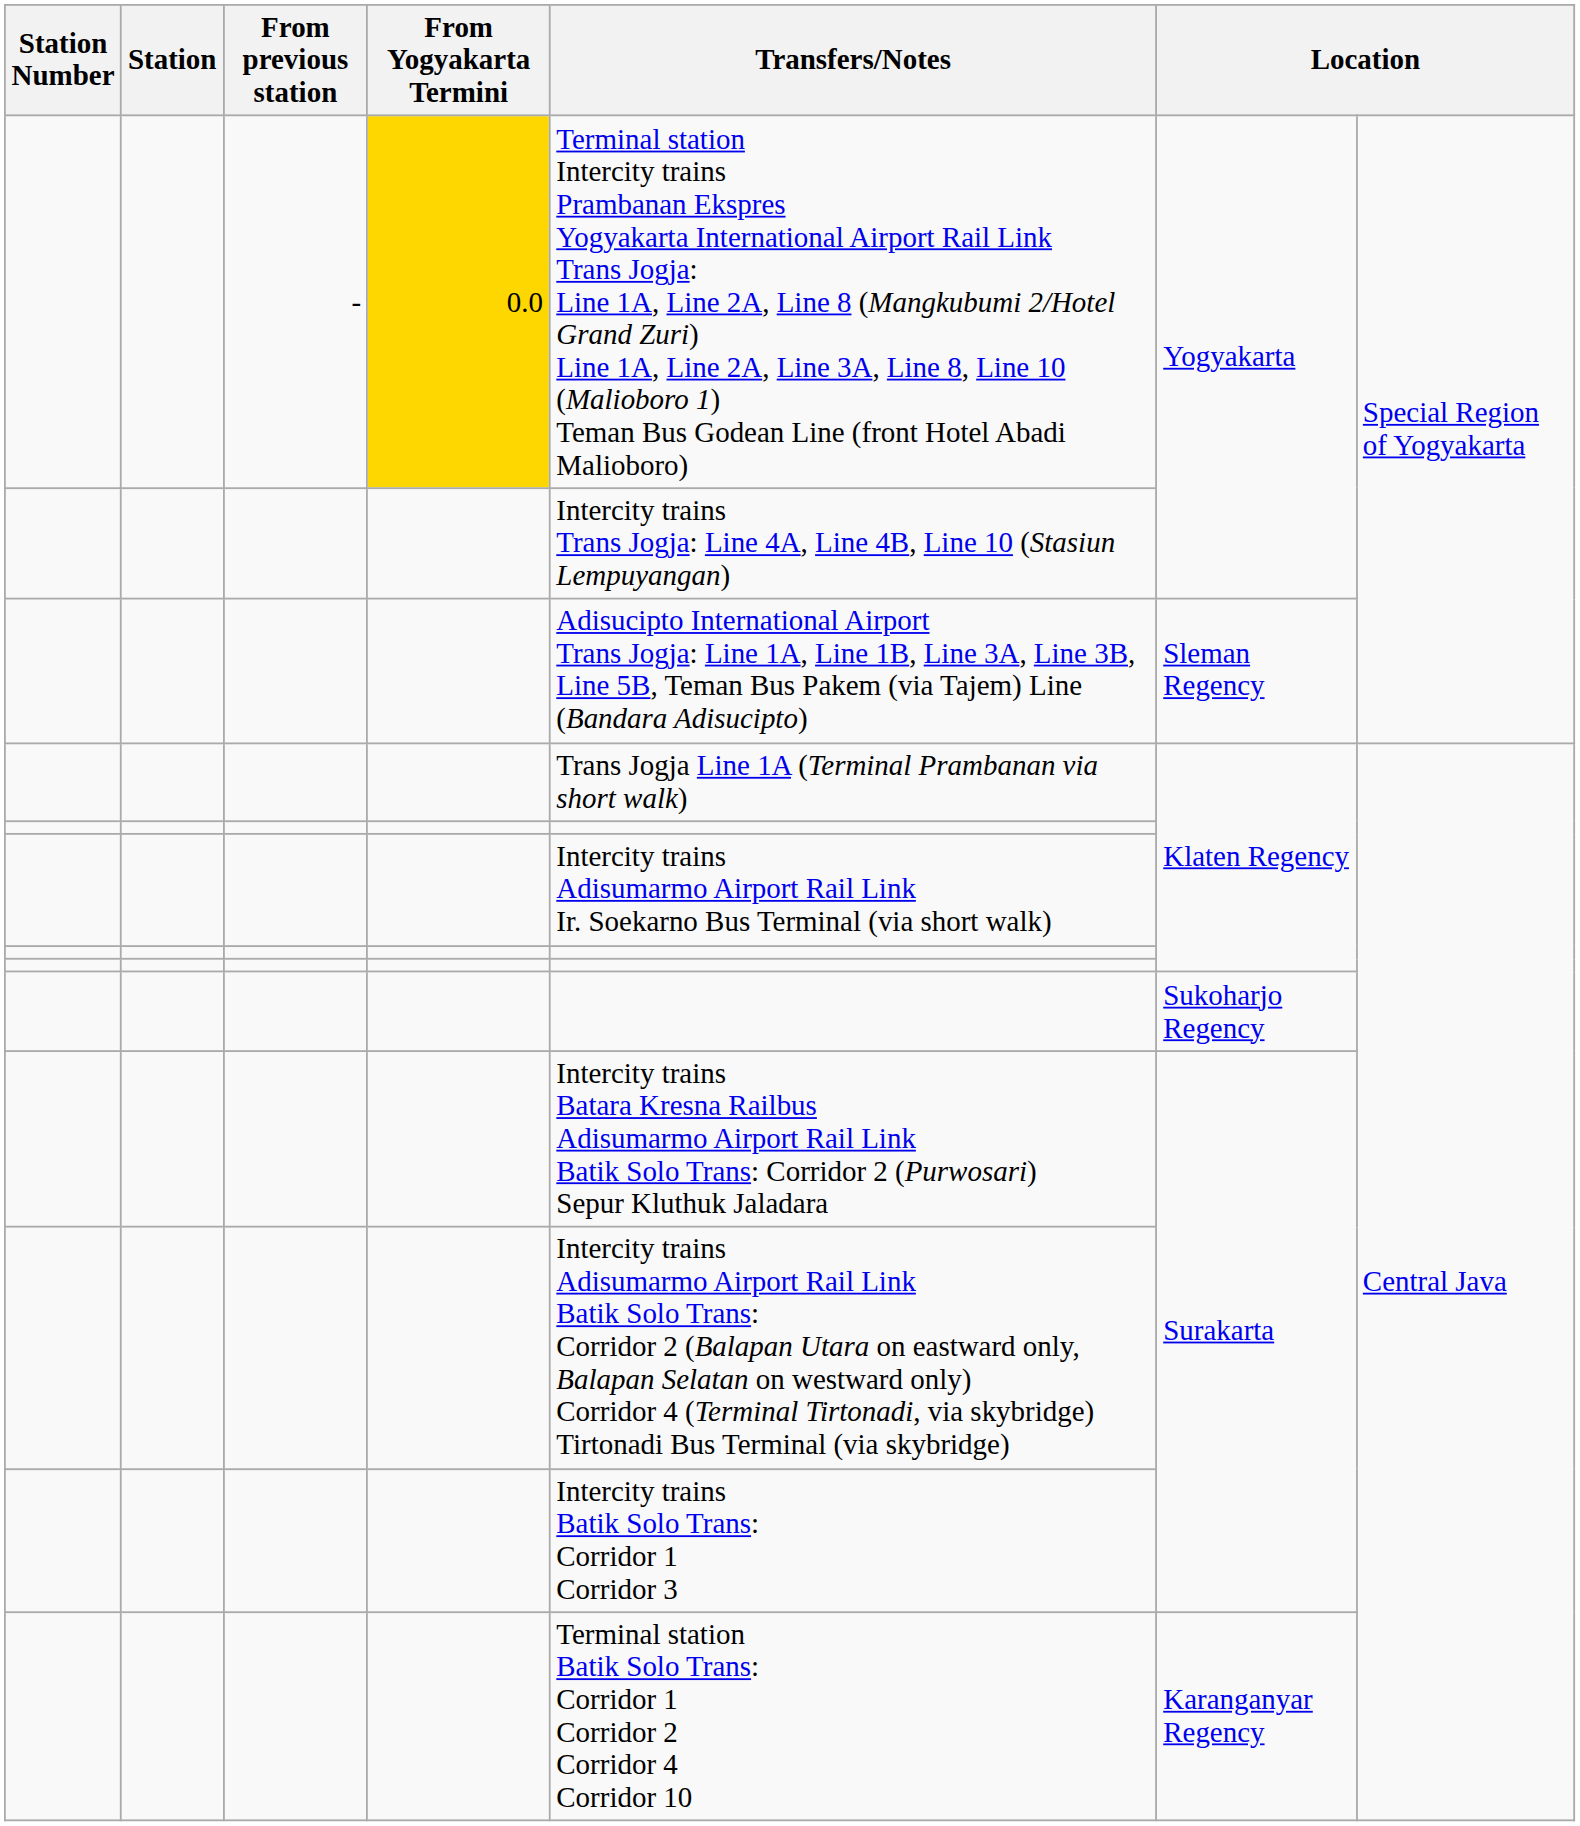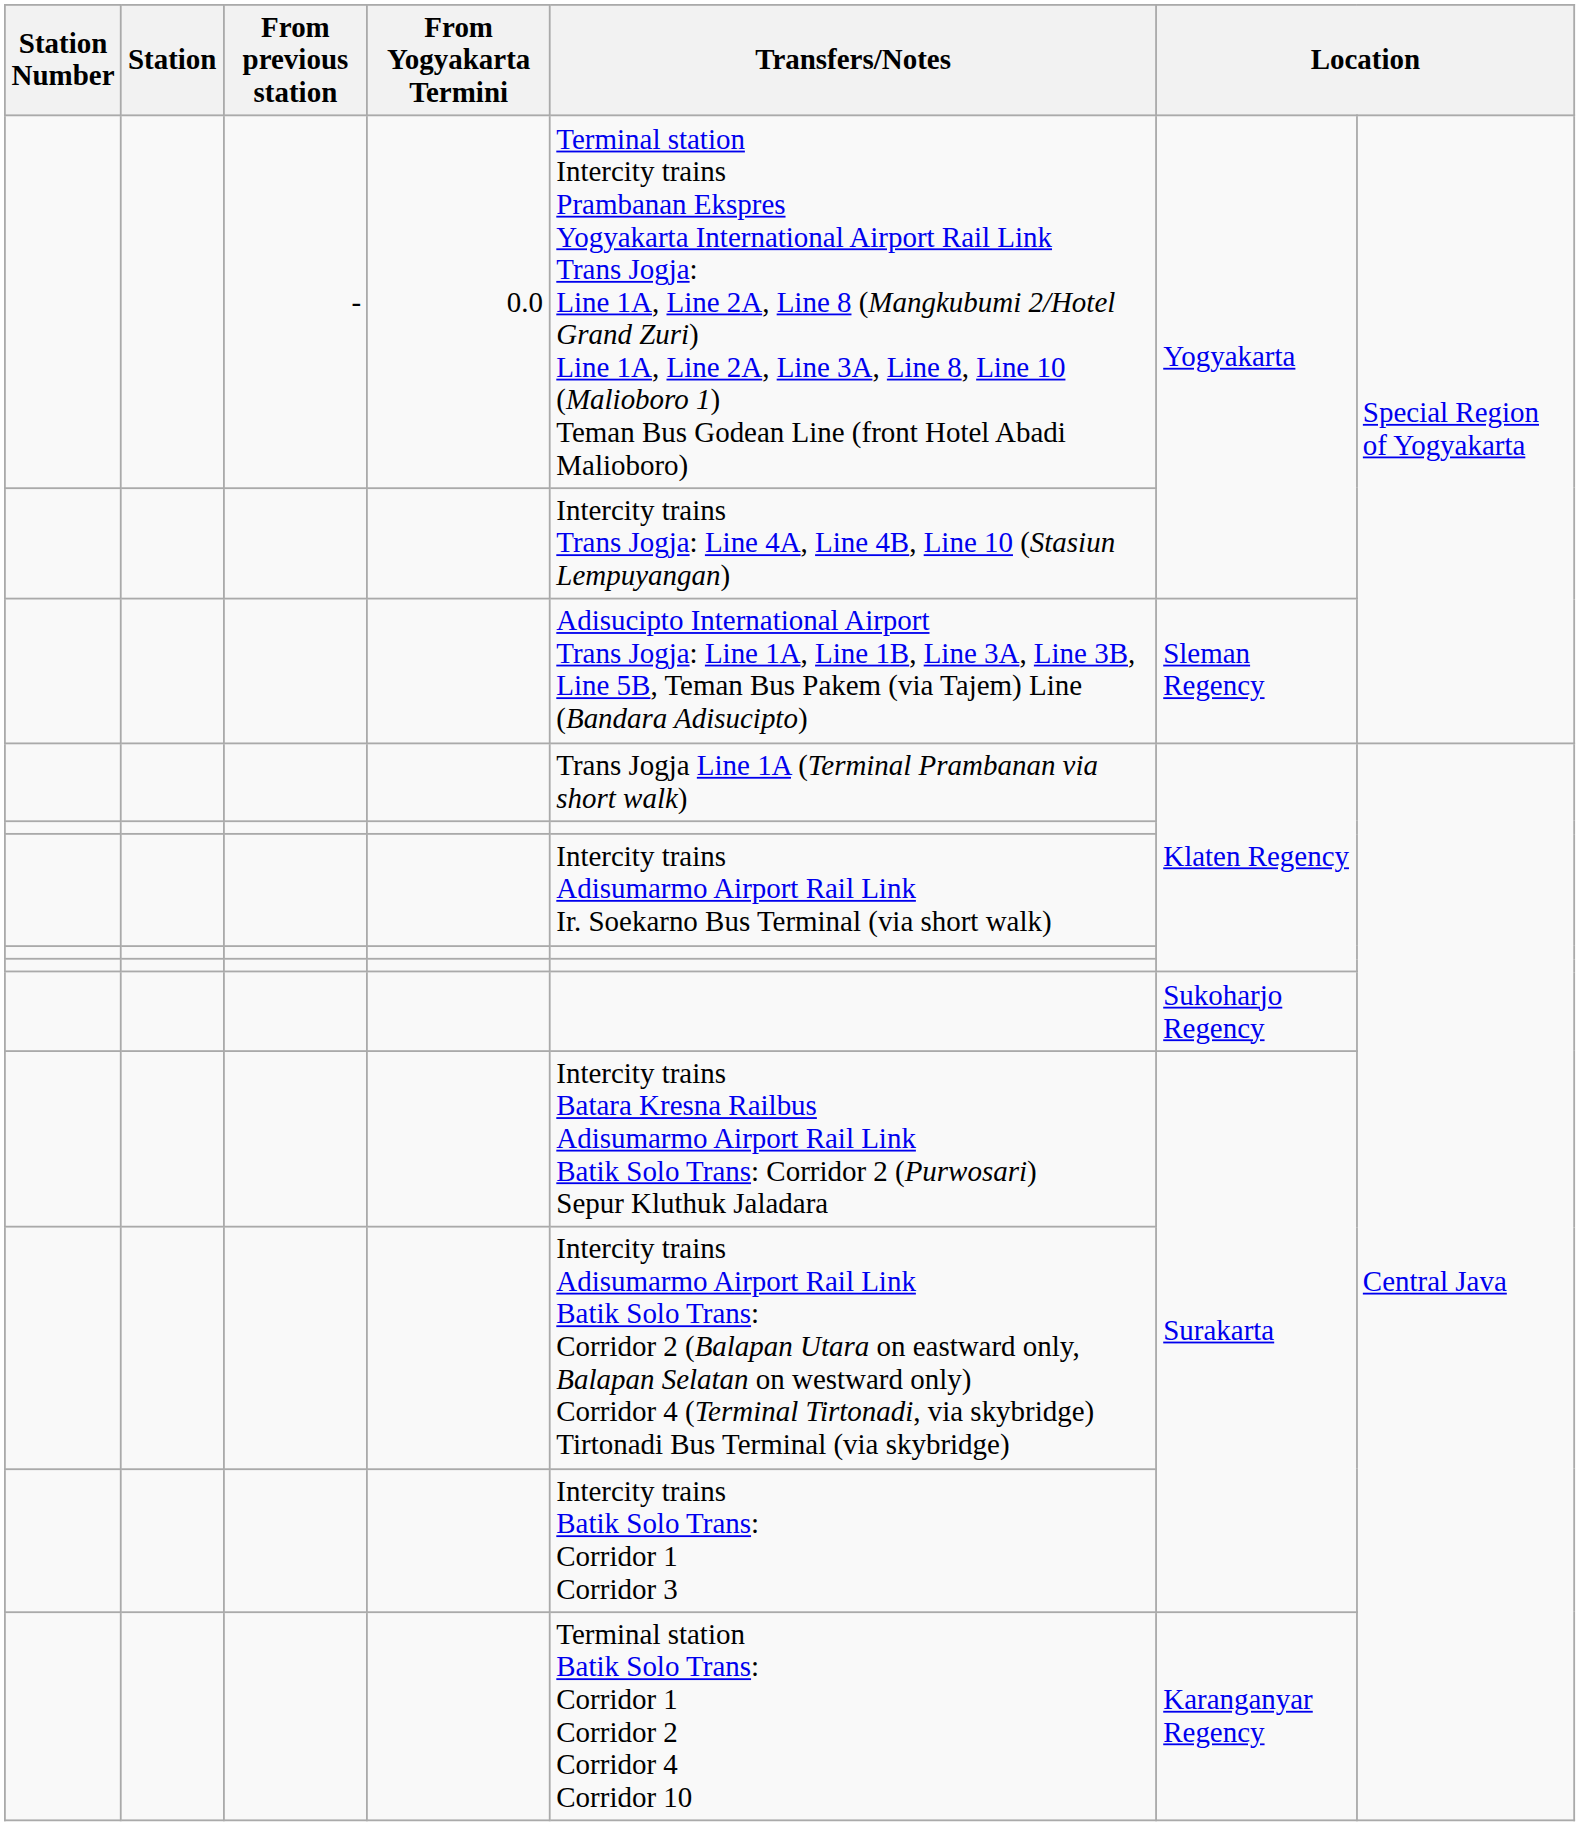 <table rules="all" class="wikitable">
 <tr>
 <th>Station<br>Number</th>
 <th> Station</th>
 <th>From previous<br>station</th>
 <th>From Yogyakarta<br>Termini</th>
 <th>Transfers/Notes</th>
 <th colspan="2">Location</th>
 </tr>
 <tr>
 <td><br><br><br></td>
 <td></td>
 <td style="text-align: right;">-</td>
-<td style="background: gold; text-align: right;">0.0</td>
+<td style="text-align: right;">0.0</td>
 <td><a href='#'>Terminal station</a><br> Intercity trains<br> <a href='#'>Prambanan Ekspres</a><br> <a href='#'>Yogyakarta International Airport Rail Link</a><br> <a href='#'>Trans Jogja</a>:<br> <a href='#'>Line 1A</a>, <a href='#'>Line 2A</a>, <a href='#'>Line 8</a> (<em>Mangkubumi 2/Hotel Grand Zuri</em>)<br> <a href='#'>Line 1A</a>, <a href='#'>Line 2A</a>, <a href='#'>Line 3A</a>, <a href='#'>Line 8</a>, <a href='#'>Line 10</a> (<em>Malioboro 1</em>)<br>Teman Bus Godean Line (front Hotel Abadi Malioboro)</td>
 <td rowspan="2"><a href='#'>Yogyakarta</a></td>
 <td rowspan="3"><a href='#'>Special Region of Yogyakarta</a></td>
 </tr>
 <tr>
 <td><br></td>
 <td></td>
 <td style="text-align: right;"></td>
 <td style="text-align: right;"></td>
 <td> Intercity trains<br> <a href='#'>Trans Jogja</a>: <a href='#'>Line 4A</a>, <a href='#'>Line 4B</a>, <a href='#'>Line 10</a> (<em>Stasiun Lempuyangan</em>)</td>
 </tr>
 <tr>
 <td></td>
 <td></td>
 <td style="text-align: right;"></td>
 <td style="text-align: right;"></td>
 <td> <a href='#'>Adisucipto International Airport</a><br> <a href='#'>Trans Jogja</a>: <a href='#'>Line 1A</a>, <a href='#'>Line 1B</a>, <a href='#'>Line 3A</a>, <a href='#'>Line 3B</a>, <a href='#'>Line 5B</a>, Teman Bus Pakem (via Tajem) Line (<em>Bandara Adisucipto</em>)</td>
 <td rowspan="1"><a href='#'>Sleman Regency</a></td>
 </tr>
 <tr>
 <td></td>
 <td></td>
 <td style="text-align: right;"></td>
 <td style="text-align: right;"></td>
 <td> Trans Jogja <a href='#'>Line 1A</a> (<em>Terminal Prambanan via short walk</em>)</td>
 <td rowspan="5"><a href='#'>Klaten Regency</a></td>
 <td rowspan="10"><a href='#'>Central Java</a></td>
 </tr>
 <tr>
 <td></td>
 <td></td>
 <td style="text-align: right;"></td>
 <td style="text-align: right;"></td>
 <td></td>
 </tr>
 <tr>
 <td><br><br></td>
 <td></td>
 <td style="text-align: right;"></td>
 <td style="text-align: right;"></td>
 <td> Intercity trains<br><small> </small>  <a href='#'>Adisumarmo Airport Rail Link</a><br> Ir. Soekarno Bus Terminal (via short walk)</td>
 </tr>
 <tr>
 <td></td>
 <td></td>
 <td style="text-align: right;"></td>
 <td style="text-align: right;"></td>
 <td></td>
 </tr>
 <tr>
 <td></td>
 <td></td>
 <td style="text-align: right;"></td>
 <td style="text-align: right;"></td>
 <td></td>
 </tr>
 <tr>
 <td></td>
 <td></td>
 <td style="text-align: right;"></td>
 <td style="text-align: right;"></td>
 <td></td>
 <td><a href='#'>Sukoharjo Regency</a></td>
 </tr>
 <tr>
 <td><br><br></td>
 <td></td>
 <td style="text-align: right;"></td>
 <td style="text-align: right;"></td>
 <td> Intercity trains<br><small> </small>  <a href='#'>Batara Kresna Railbus</a><br><small> </small>  <a href='#'>Adisumarmo Airport Rail Link</a><br> <a href='#'>Batik Solo Trans</a>: Corridor 2 (<em>Purwosari</em>)<br> Sepur Kluthuk Jaladara</td>
 <td rowspan="3"><a href='#'>Surakarta</a></td>
 </tr>
 <tr>
 <td><br><br></td>
 <td></td>
 <td style="text-align: right;"></td>
 <td style="text-align: right;"></td>
 <td> Intercity trains<br><small> </small>  <a href='#'>Adisumarmo Airport Rail Link</a><br> <a href='#'>Batik Solo Trans</a>: <br> Corridor 2 (<em>Balapan Utara</em> on eastward only, <em>Balapan Selatan</em> on westward only)<br> Corridor 4 (<em>Terminal Tirtonadi</em>, via skybridge)<br> Tirtonadi Bus Terminal (via skybridge)</td>
 </tr>
 <tr>
 <td></td>
 <td></td>
 <td style="text-align: right;"></td>
 <td style="text-align: right;"></td>
 <td> Intercity trains<br> <a href='#'>Batik Solo Trans</a>: <br> Corridor 1 <br> Corridor 3</td>
 </tr>
 <tr>
 <td></td>
 <td></td>
 <td style="text-align: right;"></td>
 <td style="text-align: right;"></td>
 <td>Terminal station<br> <a href='#'>Batik Solo Trans</a>: <br> Corridor 1 <br> Corridor 2 <br> Corridor 4 <br> Corridor 10 <br></td>
 <td><a href='#'>Karanganyar Regency</a></td>
 </tr>
 </table>
